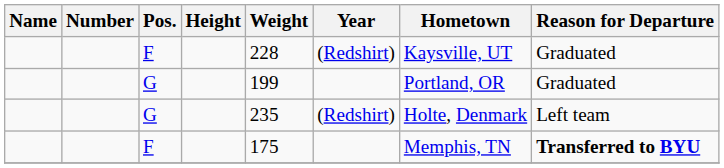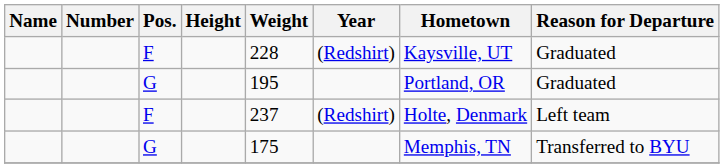 <table class="wikitable sortable" style="font-size:90%;" border="1">
 <tr>
 <th>Name</th>
 <th>Number</th>
 <th>Pos.</th>
 <th>Height</th>
 <th>Weight</th>
 <th>Year</th>
 <th>Hometown</th>
 <th ! class="unsortable">Reason for Departure</th>
 </tr>
 <tr>
 <td></td>
 <td></td>
 <td><a href='#'>F</a></td>
 <td></td>
 <td>228</td>
 <td> (<a href='#'>Redshirt</a>)</td>
 <td><a href='#'>Kaysville, UT</a></td>
 <td>Graduated</td>
 </tr>
 <tr>
 <td></td>
 <td></td>
 <td><a href='#'>G</a></td>
 <td></td>
-<td>199</td>
+<td>195</td>
 <td></td>
 <td><a href='#'>Portland, OR</a></td>
 <td>Graduated</td>
 </tr>
 <tr>
 <td></td>
 <td></td>
-<td><a href='#'>G</a></td>
+<td><a href='#'>F</a></td>
 <td></td>
-<td>235</td>
+<td>237</td>
 <td> (<a href='#'>Redshirt</a>)</td>
 <td><a href='#'>Holte</a>, <a href='#'>Denmark</a></td>
 <td>Left team</td>
 </tr>
 <tr>
 <td></td>
 <td></td>
-<td><a href='#'>F</a></td>
+<td><a href='#'>G</a></td>
 <td></td>
 <td>175</td>
 <td></td>
 <td><a href='#'>Memphis, TN</a></td>
-<td><strong>Transferred to <a href='#'>BYU</a></strong></td>
+<td>Transferred to <a href='#'>BYU</a></td>
 </tr>
 <tr>
 </tr>
 </table>
